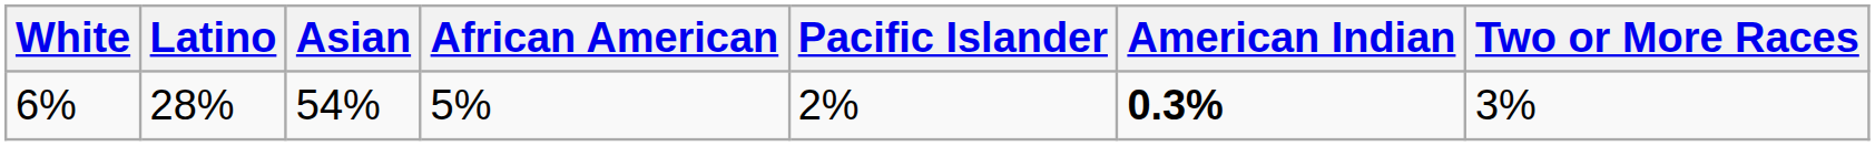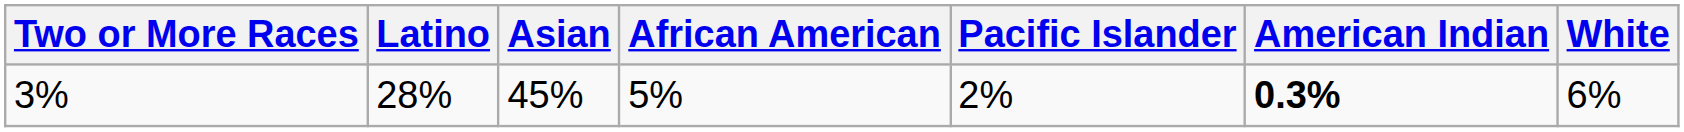 <table class="wikitable">
 <tr>
-<th><a href='#'>White</a></th>
+<th><a href='#'>Two or More Races</a></th>
 <th><a href='#'>Latino</a></th>
 <th><a href='#'>Asian</a></th>
 <th><a href='#'>African American</a></th>
 <th><a href='#'>Pacific Islander</a></th>
 <th><a href='#'>American Indian</a></th>
-<th><a href='#'>Two or More Races</a></th>
+<th><a href='#'>White</a></th>
 </tr>
 <tr>
-<td>6%</td>
+<td>3%</td>
 <td>28%</td>
-<td>54%</td>
+<td>45%</td>
 <td>5%</td>
 <td>2%</td>
 <td><strong>0.3%</strong></td>
-<td>3%</td>
+<td>6%</td>
 </tr>
 </table>
